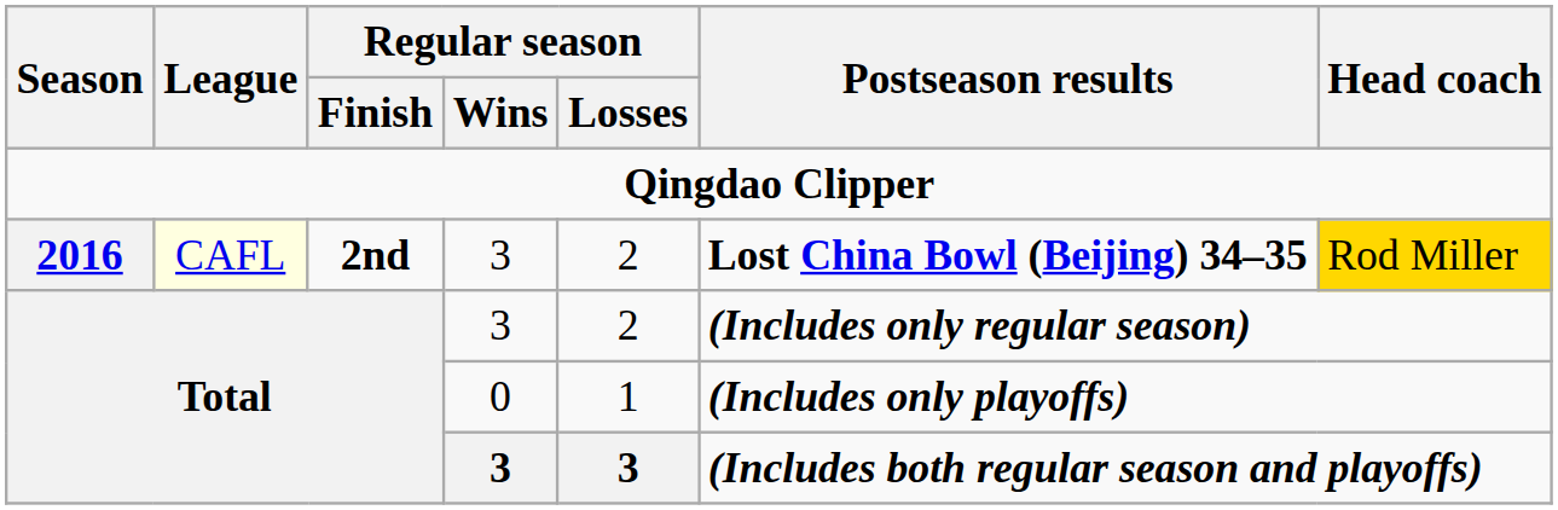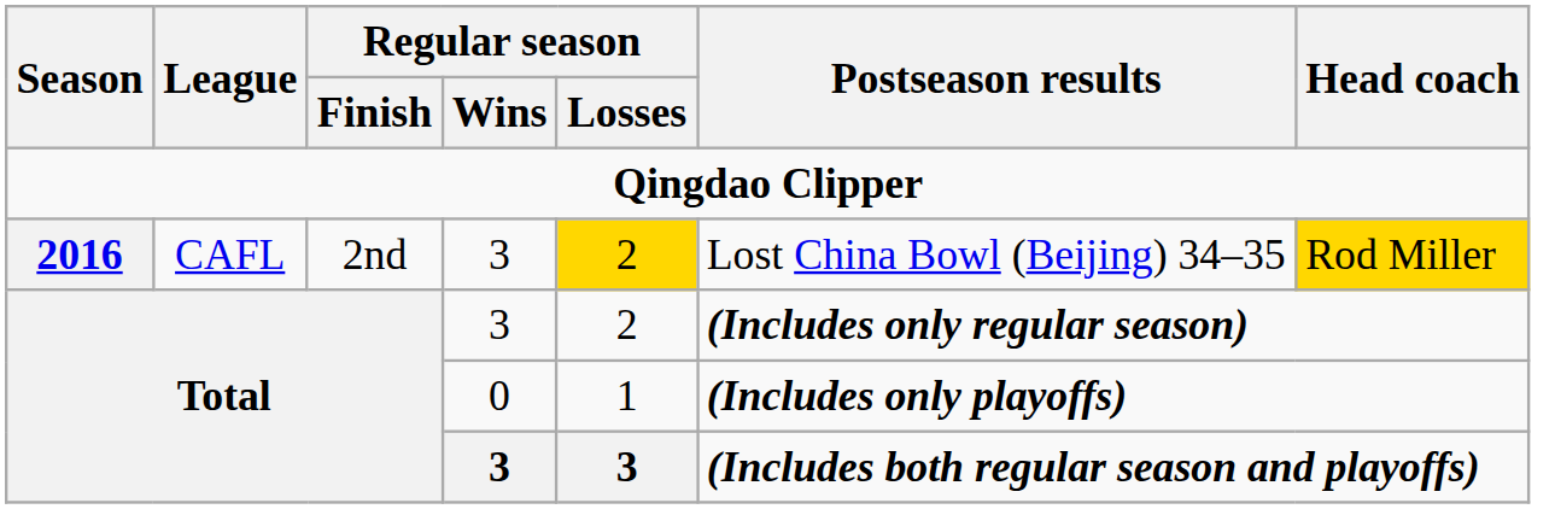 <table class="wikitable" style="font-size: 95%">
 <tr>
 <th rowspan="2">Season</th>
 <th rowspan="2">League</th>
 <th colspan="3">Regular season</th>
 <th rowspan="2">Postseason results</th>
 <th rowspan="2">Head coach</th>
 </tr>
 <tr>
 <th>Finish</th>
 <th>Wins</th>
 <th>Losses</th>
 </tr>
 <tr>
 <td align="center" colspan="12"><strong>Qingdao Clipper</strong></td>
 </tr>
 <tr>
 <th align="center"><a href='#'>2016</a></th>
-<td align="center" style="background: lightyellow;"><a href='#'>CAFL</a></td>
-<td align="center"><strong>2nd</strong></td>
+<td align="center"><a href='#'>CAFL</a></td>
+<td align="center">2nd</td>
 <td align="center">3</td>
-<td align="center">2</td>
-<td><strong>Lost <a href='#'>China Bowl</a> (<a href='#'>Beijing</a>) 34–35</strong></td>
+<td align="center" style="background: gold;">2</td>
+<td>Lost <a href='#'>China Bowl</a> (<a href='#'>Beijing</a>) 34–35</td>
 <td style="background: gold;">Rod Miller</td>
 </tr>
 <tr>
 <th align="center" rowSpan="3" colSpan="3">Total</th>
 <td align="center">3</td>
 <td align="center">2</td>
 <td colSpan="3"><strong><em>(Includes only regular season)</em></strong></td>
 </tr>
 <tr>
 <td align="center">0</td>
 <td align="center">1</td>
 <td colSpan="3"><strong><em>(Includes only playoffs)</em></strong></td>
 </tr>
 <tr>
 <th align="center">3</th>
 <th align="center">3</th>
 <td colSpan="3"><strong><em>(Includes both regular season and playoffs)</em></strong></td>
 </tr>
 </table>
